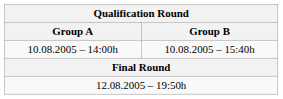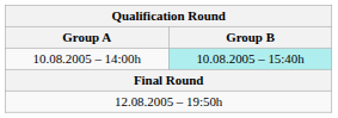 <table class="wikitable" style=" text-align:center; font-size:110%;" width="35%">
 <tr>
 <th colspan="2">Qualification Round</th>
 </tr>
 <tr>
 <th>Group A</th>
 <th>Group B</th>
 </tr>
 <tr>
 <td>10.08.2005 – 14:00h</td>
-<td>10.08.2005 – 15:40h</td>
+<td style="background: paleturquoise;">10.08.2005 – 15:40h</td>
 </tr>
 <tr>
 <th colspan="2">Final Round</th>
 </tr>
 <tr>
 <td colspan="2">12.08.2005 – 19:50h</td>
 </tr>
 </table>
